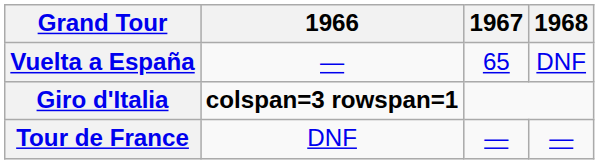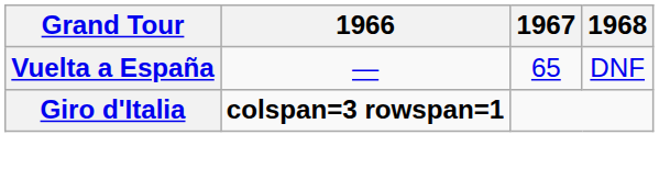 <table class="wikitable plainrowheaders">
 <tr>
 <th scope="col"><a href='#'>Grand Tour</a></th>
 <th scope="col">1966</th>
 <th scope="col">1967</th>
 <th scope="col">1968</th>
 </tr>
 <tr style="text-align:center;">
 <th scope="row"> <a href='#'>Vuelta a España</a></th>
 <td><a href='#'>—</a></td>
 <td><a href='#'>65</a></td>
 <td><a href='#'>DNF</a></td>
 </tr>
 <tr style="text-align:center;">
 <th scope="row"> <a href='#'>Giro d'Italia</a></th>
 <td><strong>colspan=3 rowspan=1 </strong></td>
 </tr>
-<tr style="text-align:center;">
-<th scope="row"> <a href='#'>Tour de France</a></th>
-<td><a href='#'>DNF</a></td>
-<td><a href='#'>—</a></td>
-<td><a href='#'>—</a></td>
-</tr>
 </table>
